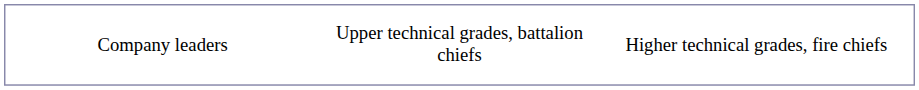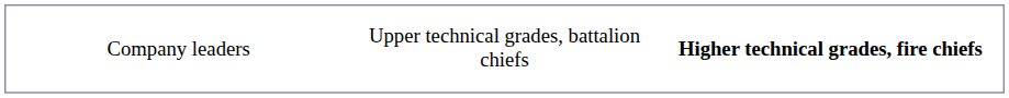 <table width="100%" style="border:1px solid #8888aa; background-color:#FFFFFF; padding:5px; font-size:80%">
 <tr style="text-align:center;">
 <td style="width:14%"></td>
 <td style="width:14%"></td>
 <td style="width:14%"></td>
 </tr>
 <tr style="text-align:center;">
 <td>Company leaders</td>
 <td>Upper technical grades, battalion chiefs</td>
-<td>Higher technical grades, fire chiefs</td>
+<td><strong>Higher technical grades, fire chiefs</strong></td>
 </tr>
 <tr align="center">
 </tr>
 <tr>
 </tr>
 </table>
